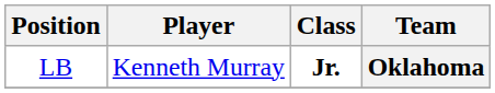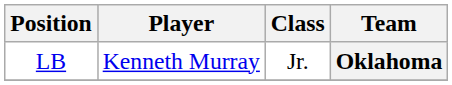 <table class="wikitable sortable" border="1">
 <tr>
 <th>Position</th>
 <th>Player</th>
 <th>Class</th>
 <th>Team</th>
 </tr>
 <tr>
 <td style="text-align:center; background:white"><a href='#'>LB</a></td>
 <td style="text-align:center; background:white"><a href='#'>Kenneth Murray</a></td>
-<td style="text-align:center; background:white"><strong>Jr.</strong></td>
+<td style="text-align:center; background:white">Jr.</td>
 <th>Oklahoma</th>
 </tr>
 <tr>
 </tr>
 </table>
